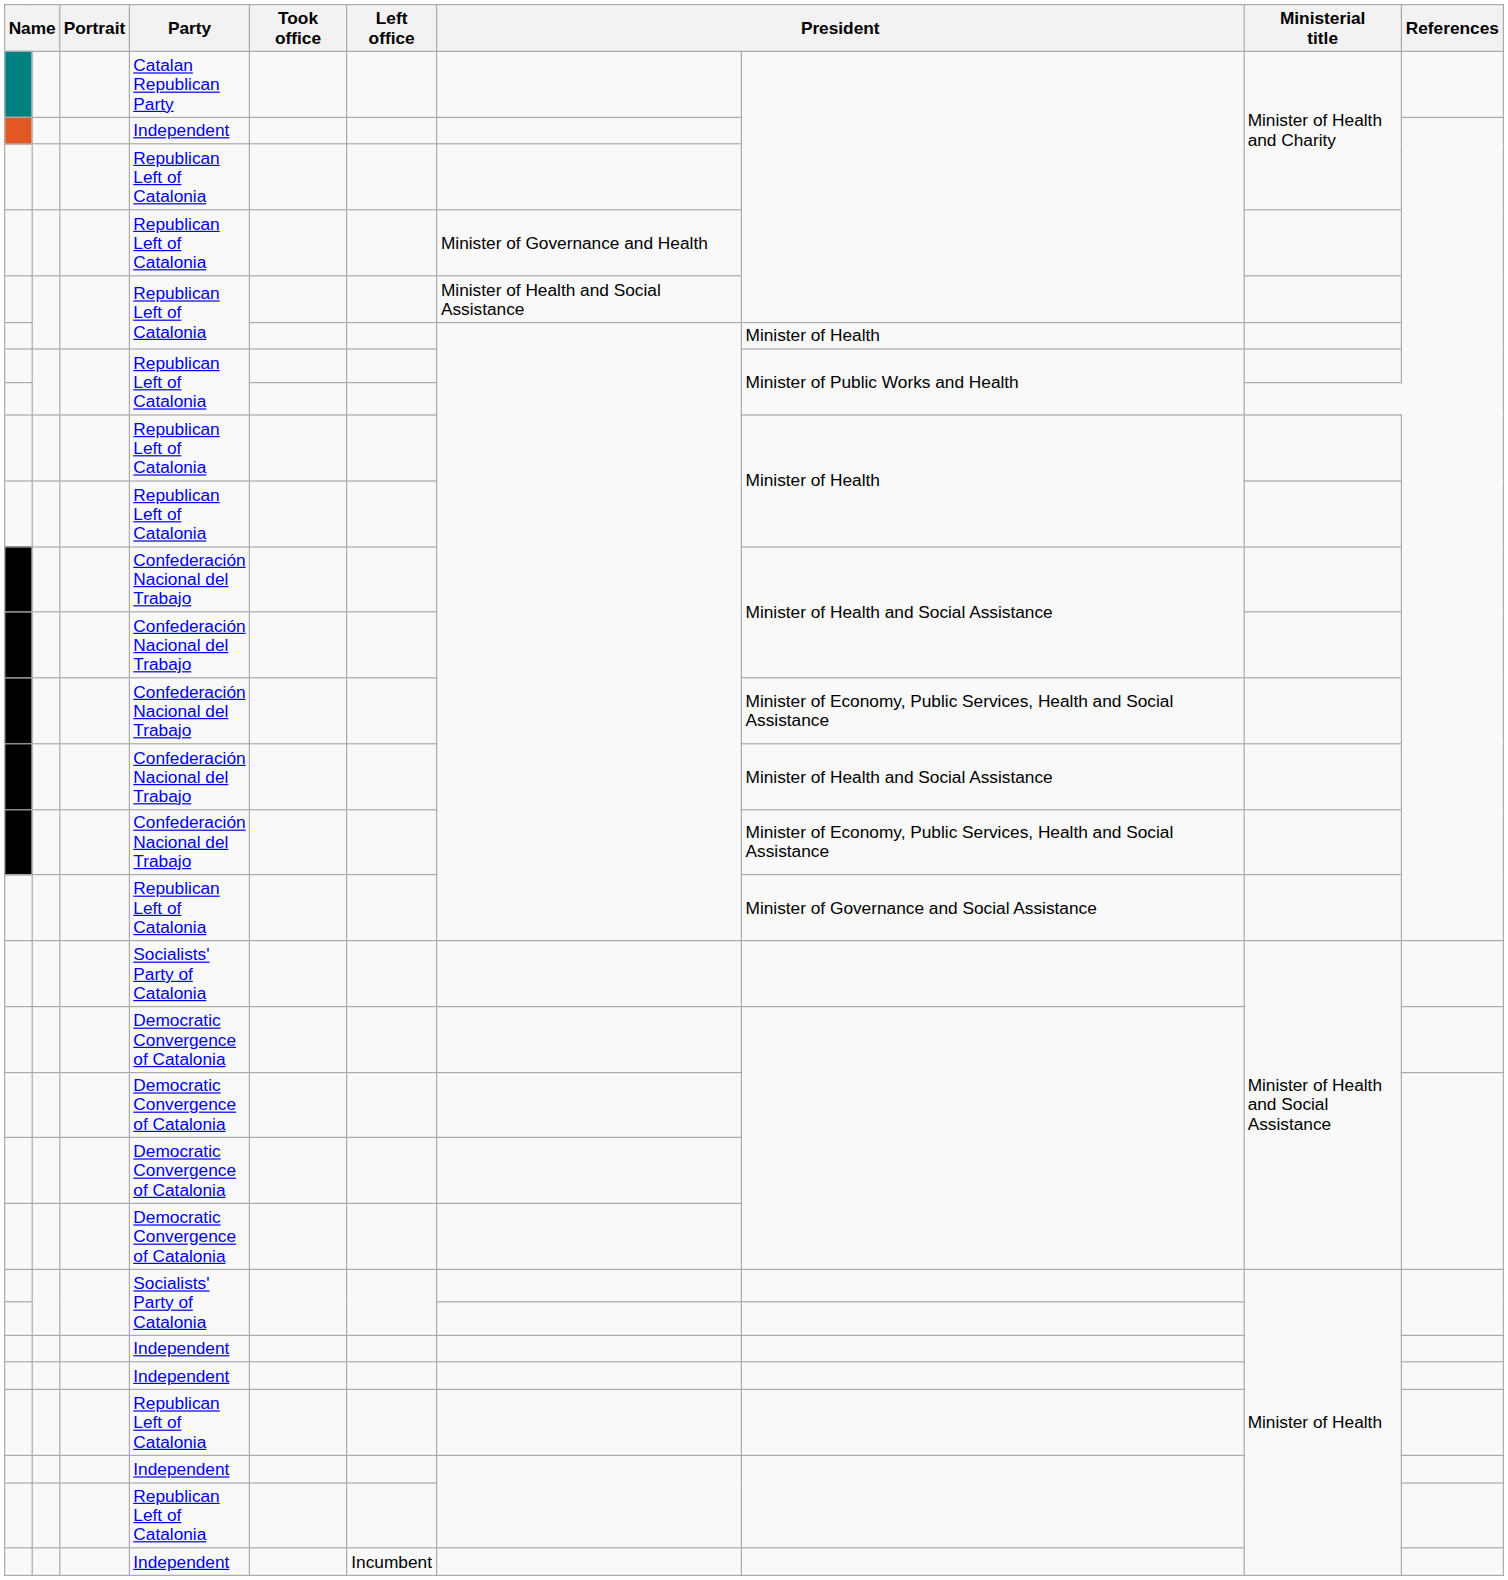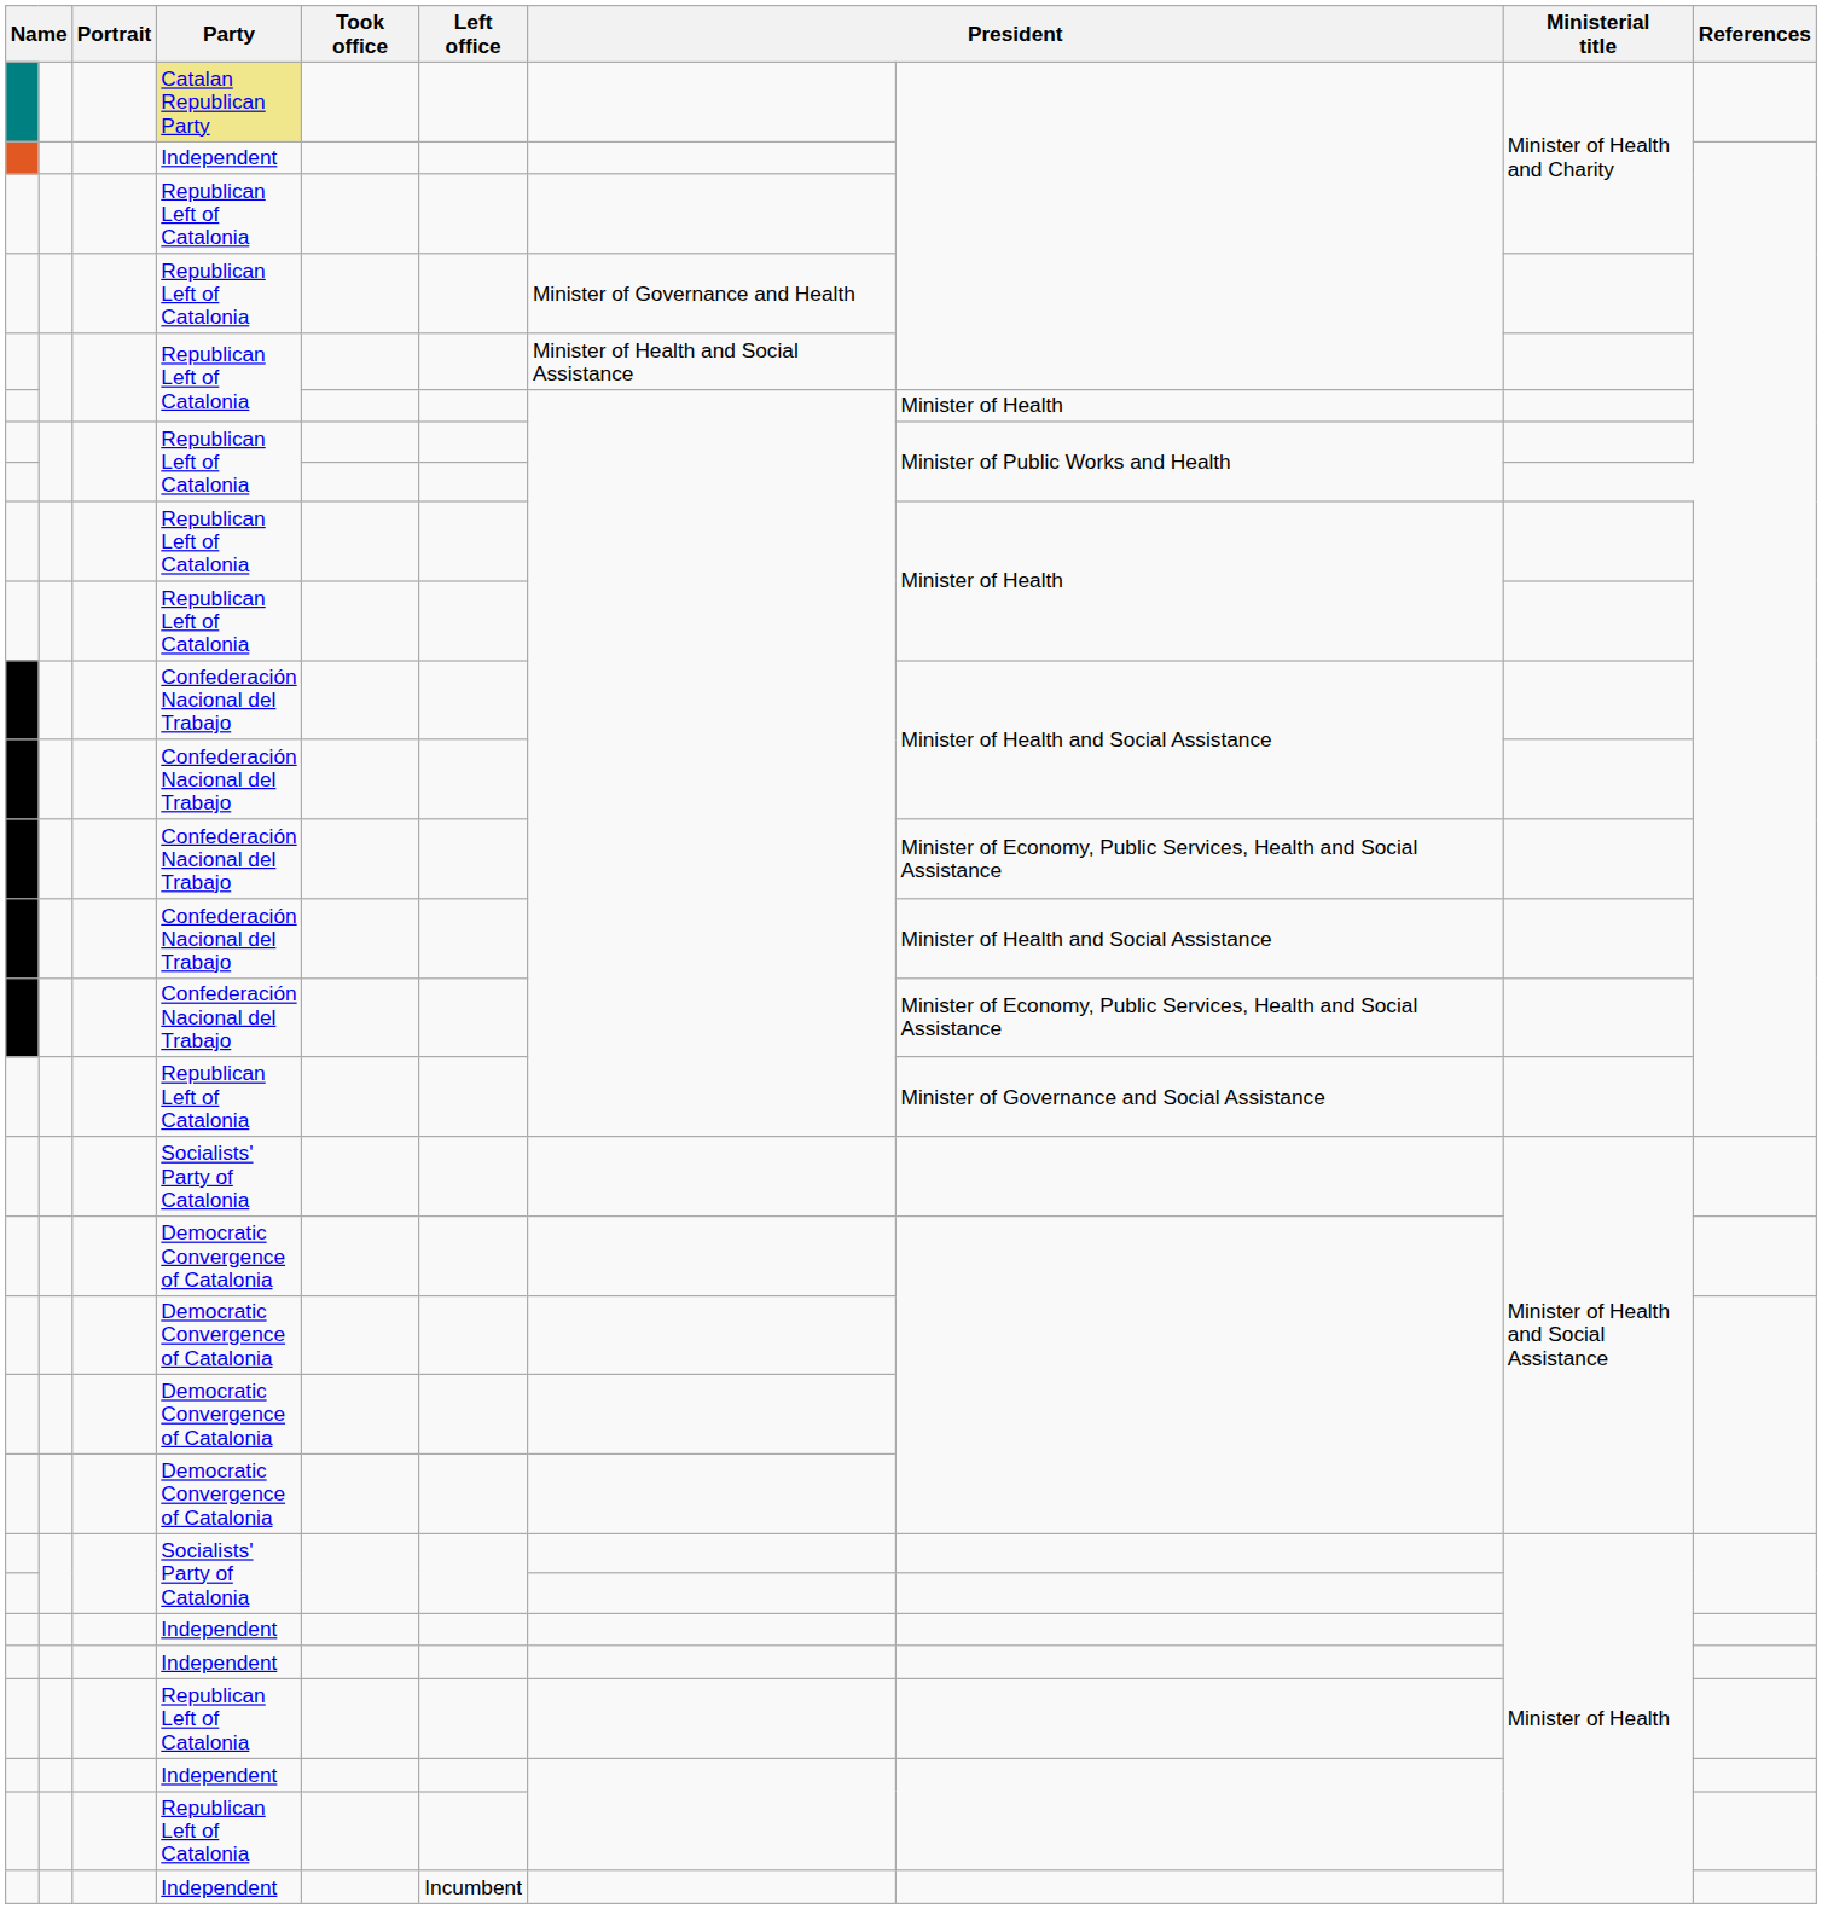 <table class="wikitable plainrowheaders sortable" style="font-size:90%; text-align:left;">
 <tr>
 <th scope=col colspan="2">Name</th>
 <th scope=col class=unsortable>Portrait</th>
 <th scope=col width=50px>Party</th>
 <th scope=col>Took office</th>
 <th scope=col>Left office</th>
 <th scope=col colspan="2">President</th>
 <th width=125px>Ministerial<br>title</th>
 <th scope=col width=25px class=unsortable>References</th>
 </tr>
 <tr>
 <td !style="width: 5px" bgcolor="#008080" align="center"></td>
 <td></td>
 <td align=center></td>
-<td><a href='#'>Catalan Republican Party</a></td>
+<td style="background: khaki;"><a href='#'>Catalan Republican Party</a></td>
 <td align=center></td>
 <td align=center></td>
 <td !align="center" style="background:"></td>
 <td rowspan=5></td>
 <td rowspan=3>Minister of Health and Charity</td>
 <td align=center></td>
 </tr>
 <tr>
 <td !style="width: 5px" bgcolor="#E25822" align="center"></td>
 <td></td>
 <td></td>
 <td><a href='#'>Independent</a></td>
 <td align=center></td>
 <td align=center></td>
 <td align=center></td>
 </tr>
 <tr>
 <td !align="center" style="background:"></td>
 <td></td>
 <td></td>
 <td><a href='#'>Republican Left of Catalonia</a></td>
 <td align=center></td>
 <td align=center></td>
 <td align=center></td>
 </tr>
 <tr>
 <td !align="center" style="background:"></td>
 <td></td>
 <td align=center></td>
 <td><a href='#'>Republican Left of Catalonia</a></td>
 <td align=center></td>
 <td align=center></td>
 <td>Minister of Governance and Health</td>
 <td align=center></td>
 </tr>
 <tr>
 <td !align="center" style="background:"></td>
 <td rowspan=2></td>
 <td align=center rowspan=2></td>
 <td rowspan=2><a href='#'>Republican Left of Catalonia</a></td>
 <td align=center></td>
 <td align=center></td>
 <td>Minister of Health and Social Assistance</td>
 <td align=center></td>
 </tr>
 <tr>
 <td align=center></td>
 <td align=center></td>
 <td !align="center" style="background:"></td>
 <td rowspan=11></td>
 <td>Minister of Health</td>
 <td align=center></td>
 </tr>
 <tr>
 <td !align="center" style="background:"></td>
 <td rowspan=2></td>
 <td align=center  rowspan=2></td>
 <td rowspan=2><a href='#'>Republican Left of Catalonia</a></td>
 <td align=center></td>
 <td align=center></td>
 <td rowspan=2>Minister of Public Works and Health</td>
 <td align=center></td>
 </tr>
 <tr>
 <td align=center></td>
 <td align=center></td>
 <td align=center></td>
 </tr>
 <tr>
 <td !align="center" style="background:"></td>
 <td></td>
 <td></td>
 <td><a href='#'>Republican Left of Catalonia</a></td>
 <td align=center></td>
 <td align=center></td>
 <td rowspan=2>Minister of Health</td>
 <td align=center></td>
 </tr>
 <tr>
 <td !align="center" style="background:"></td>
 <td></td>
 <td></td>
 <td><a href='#'>Republican Left of Catalonia</a></td>
 <td align=center></td>
 <td align=center></td>
 <td align=center></td>
 </tr>
 <tr>
 <td !style="width: 5px" bgcolor=#000000 align="center"></td>
 <td></td>
 <td></td>
 <td><a href='#'>Confederación Nacional del Trabajo</a></td>
 <td align=center></td>
 <td align=center></td>
 <td rowspan=2>Minister of Health and Social Assistance</td>
 <td align=center></td>
 </tr>
 <tr>
 <td !style="width: 5px" bgcolor=#000000 align="center"></td>
 <td></td>
 <td></td>
 <td><a href='#'>Confederación Nacional del Trabajo</a></td>
 <td align=center></td>
 <td align=center></td>
 <td align=center></td>
 </tr>
 <tr>
 <td !style="width: 5px" bgcolor=#000000 align="center"></td>
 <td></td>
 <td></td>
 <td><a href='#'>Confederación Nacional del Trabajo</a></td>
 <td align=center></td>
 <td align=center></td>
 <td>Minister of Economy, Public Services, Health and Social Assistance</td>
 <td align=center></td>
 </tr>
 <tr>
 <td !style="width: 5px" bgcolor=#000000 align="center"></td>
 <td></td>
 <td></td>
 <td><a href='#'>Confederación Nacional del Trabajo</a></td>
 <td align=center></td>
 <td align=center></td>
 <td>Minister of Health and Social Assistance</td>
 <td align=center></td>
 </tr>
 <tr>
 <td !style="width: 5px" bgcolor=#000000 align="center"></td>
 <td></td>
 <td></td>
 <td><a href='#'>Confederación Nacional del Trabajo</a></td>
 <td align=center></td>
 <td align=center></td>
 <td>Minister of Economy, Public Services, Health and Social Assistance</td>
 <td align=center></td>
 </tr>
 <tr>
 <td !align="center" style="background:"></td>
 <td></td>
 <td></td>
 <td><a href='#'>Republican Left of Catalonia</a></td>
 <td align=center></td>
 <td align=center></td>
 <td>Minister of Governance and Social Assistance</td>
 <td align=center></td>
 </tr>
 <tr>
 <td !align="center" style="background:"></td>
 <td></td>
 <td align=center></td>
 <td><a href='#'>Socialists' Party of Catalonia</a></td>
 <td align=center></td>
 <td align=center></td>
 <td !align="center" style="background:"></td>
 <td></td>
 <td rowspan=5>Minister of Health and Social Assistance</td>
 <td align=center></td>
 </tr>
 <tr>
 <td !align="center" style="background:"></td>
 <td></td>
 <td align=center></td>
 <td><a href='#'>Democratic Convergence of Catalonia</a></td>
 <td align=center></td>
 <td align=center></td>
 <td !align="center" style="background:"></td>
 <td rowspan=4></td>
 <td align=center></td>
 </tr>
 <tr>
 <td !align="center" style="background:"></td>
 <td></td>
 <td align=center></td>
 <td><a href='#'>Democratic Convergence of Catalonia</a></td>
 <td align=center></td>
 <td align=center></td>
 <td align=center></td>
 </tr>
 <tr>
 <td !align="center" style="background:"></td>
 <td></td>
 <td align=center></td>
 <td><a href='#'>Democratic Convergence of Catalonia</a></td>
 <td align=center></td>
 <td align=center></td>
 <td align=center></td>
 </tr>
 <tr>
 <td !align="center" style="background:"></td>
 <td></td>
 <td align=center></td>
 <td><a href='#'>Democratic Convergence of Catalonia</a></td>
 <td align=center></td>
 <td align=center></td>
 <td align=center></td>
 </tr>
 <tr>
 <td !align="center" style="background:"></td>
 <td rowspan=2></td>
 <td align=center rowspan=2></td>
 <td rowspan=2><a href='#'>Socialists' Party of Catalonia</a></td>
 <td align=center rowspan=2></td>
 <td align=center rowspan=2></td>
 <td !align="center" style="background:"></td>
 <td></td>
 <td rowspan="8">Minister of Health</td>
 <td align=center rowspan=2></td>
 </tr>
 <tr>
 <td !align="center" style="background:"></td>
 <td></td>
 </tr>
 <tr>
 <td !align="center" style="background:"></td>
 <td></td>
 <td align=center></td>
 <td><a href='#'>Independent</a></td>
 <td align=center></td>
 <td align=center></td>
 <td !align="center" style="background:"></td>
 <td></td>
 <td align=center></td>
 </tr>
 <tr>
 <td !align="center" style="background:"></td>
 <td></td>
 <td align=center></td>
 <td><a href='#'>Independent</a></td>
 <td align=center></td>
 <td align=center></td>
 <td !align="center" style="background:"></td>
 <td></td>
 <td align=center></td>
 </tr>
 <tr>
 <td !align="center" style="background:"></td>
 <td></td>
 <td align=center></td>
 <td><a href='#'>Republican Left of Catalonia</a></td>
 <td align=center></td>
 <td align=center></td>
 <td !align="center" style="background:"></td>
 <td></td>
 <td align=center></td>
 </tr>
 <tr>
 <td !align="center" style="background:"></td>
 <td></td>
 <td align=center></td>
 <td><a href='#'>Independent</a></td>
 <td align=center></td>
 <td align=center></td>
 <td !align="center" rowspan=2 style="background:"></td>
 <td rowspan=2></td>
 <td align=center></td>
 </tr>
 <tr>
 <td !align="center" style="background:"></td>
 <td></td>
 <td align=center></td>
 <td><a href='#'>Republican Left of Catalonia</a></td>
 <td align=center></td>
 <td align=center></td>
 <td align=center></td>
 </tr>
 <tr>
 <td !align="center" style="background:"></td>
 <td></td>
 <td align=center></td>
 <td><a href='#'>Independent</a></td>
 <td align=center></td>
 <td align=center>Incumbent</td>
 <td !align="center" style="background:"></td>
 <td></td>
 <td align=center></td>
 </tr>
 </table>
